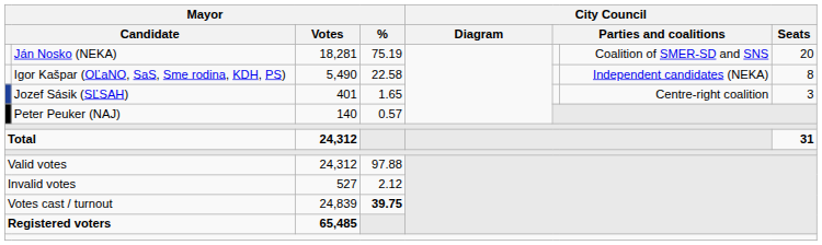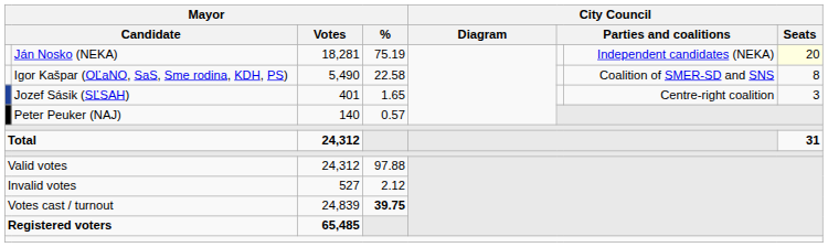 <table class="wikitable" style="text-align:right; font-size:97%;">
 <tr>
 <th colspan="4" width="500">Mayor</th>
 <th colspan="4" width="500">City Council</th>
 </tr>
 <tr>
 <th colspan="2" width="325">Candidate</th>
 <th width="75">Votes</th>
 <th width="50">%</th>
 <th width="180">Diagram</th>
 <th colspan="2" width="270">Parties and coalitions</th>
 <th width="50">Seats</th>
 </tr>
 <tr>
 <td width="1" style="color:inherit;background:"></td>
 <td align="left"><a href='#'>Ján Nosko</a> (NEKA)</td>
 <td>18,281</td>
 <td>75.19</td>
 <td rowspan="4"></td>
 <td width="1" style="color:inherit;background:"></td>
-<td>Coalition of <a href='#'>SMER-SD</a> and <a href='#'>SNS</a></td>
-<td>20</td>
+<td><a href='#'>Independent candidates</a> (NEKA)</td>
+<td style="background: lightyellow;">20</td>
 </tr>
 <tr>
 <td width="1" style="color:inherit;background:"></td>
 <td align="left">Igor Kašpar (<a href='#'>OĽaNO</a>, <a href='#'>SaS</a>, <a href='#'>Sme rodina</a>, <a href='#'>KDH</a>, <a href='#'>PS</a>)</td>
 <td>5,490</td>
 <td>22.58</td>
 <td width="1" style="color:inherit;background:"></td>
-<td><a href='#'>Independent candidates</a> (NEKA)</td>
+<td>Coalition of <a href='#'>SMER-SD</a> and <a href='#'>SNS</a></td>
 <td>8</td>
 </tr>
 <tr>
 <td width="1" style="color:inherit;background:#1f419a"></td>
 <td align="left">Jozef Sásik (<a href='#'>SĽSAH</a>)</td>
 <td>401</td>
 <td>1.65</td>
 <td width="1" style="color:inherit;background:"></td>
 <td>Centre-right coalition</td>
 <td>3</td>
 </tr>
 <tr>
 <td width="1" style="color:inherit;background:#000000"></td>
 <td align="left">Peter Peuker (NAJ)</td>
 <td>140</td>
 <td>0.57</td>
 <td colspan="3" bgcolor="#E9E9E9"></td>
 </tr>
 <tr>
 <td colspan="8" bgcolor="#E9E9E9"></td>
 </tr>
 <tr>
 <td align="left" colspan="2"><strong>Total</strong></td>
 <td><strong>24,312</strong></td>
 <td style="color:inherit;background:#E9E9E9"></td>
 <td colspan="3" bgcolor="#E9E9E9"></td>
 <td><strong>31</strong></td>
 </tr>
 <tr>
 <td colspan="8" bgcolor="#E9E9E9"></td>
 </tr>
 <tr>
 <td align="left" colspan="2">Valid votes</td>
 <td>24,312</td>
 <td>97.88</td>
 <td bgcolor="#E9E9E9" rowspan="4" colspan="4"></td>
 </tr>
 <tr>
 <td align="left" colspan="2">Invalid votes</td>
 <td>527</td>
 <td>2.12</td>
 </tr>
 <tr>
 <td align="left" colspan="2">Votes cast / turnout</td>
 <td>24,839</td>
 <td><strong>39.75</strong></td>
 </tr>
 <tr style="font-weight:bold;">
 <td align="left" colspan="2">Registered voters</td>
 <td>65,485</td>
 <td bgcolor="#E9E9E9"></td>
 </tr>
 <tr>
 <td colspan="8"></td>
 </tr>
 </table>
